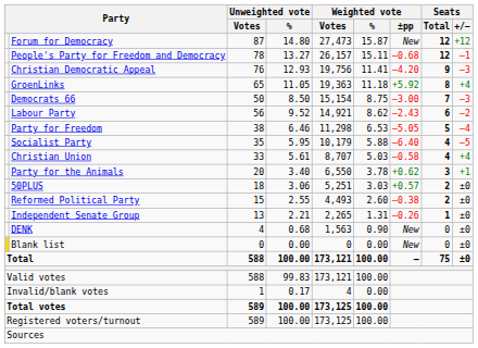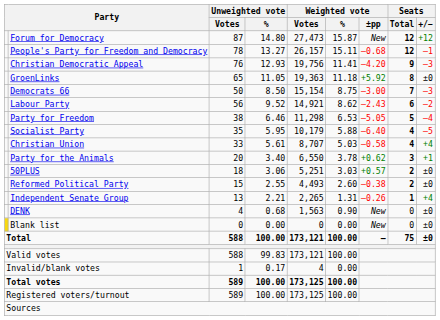 <table class="wikitable" style="text-align:right;">
 <tr>
 <th colspan=2 rowspan=2>Party</th>
 <th colspan=2>Unweighted vote</th>
 <th colspan=3>Weighted vote</th>
 <th colspan=2>Seats</th>
 </tr>
 <tr>
 <th>Votes</th>
 <th>%</th>
 <th>Votes</th>
 <th>%</th>
 <th>±pp</th>
 <th>Total</th>
 <th>+/−</th>
 </tr>
 <tr>
 <td style="color:inherit;background:"></td>
 <td align="left"><a href='#'>Forum for Democracy</a></td>
 <td>87</td>
 <td>14.80</td>
 <td>27,473</td>
 <td>15.87</td>
 <td><em>New</em></td>
 <td><strong>12</strong></td>
 <td style="color:green;">+12</td>
 </tr>
 <tr>
 <td style="color:inherit;background:"></td>
 <td align="left"><a href='#'>People's Party for Freedom and Democracy</a></td>
 <td>78</td>
 <td>13.27</td>
 <td>26,157</td>
 <td>15.11</td>
 <td style="color:red;">–0.68</td>
 <td><strong>12</strong></td>
 <td style="color:red;">–1</td>
 </tr>
 <tr>
 <td style="color:inherit;background:"></td>
 <td align="left"><a href='#'>Christian Democratic Appeal</a></td>
 <td>76</td>
 <td>12.93</td>
 <td>19,756</td>
 <td>11.41</td>
 <td style="color:red;">–4.20</td>
 <td><strong>9</strong></td>
 <td style="color:red;">–3</td>
 </tr>
 <tr>
 <td style="color:inherit;background:"></td>
 <td align="left"><a href='#'>GroenLinks</a></td>
 <td>65</td>
 <td>11.05</td>
 <td>19,363</td>
 <td>11.18</td>
 <td style="color:green;">+5.92</td>
 <td><strong>8</strong></td>
-<td style="color:green;">+4</td>
+<td>±0</td>
 </tr>
 <tr>
 <td style="color:inherit;background:"></td>
 <td align="left"><a href='#'>Democrats 66</a></td>
 <td>50</td>
 <td>8.50</td>
 <td>15,154</td>
 <td>8.75</td>
 <td style="color:red;">–3.00</td>
 <td><strong>7</strong></td>
 <td style="color:red;">–3</td>
 </tr>
 <tr>
 <td style="color:inherit;background:"></td>
 <td align="left"><a href='#'>Labour Party</a></td>
 <td>56</td>
 <td>9.52</td>
 <td>14,921</td>
 <td>8.62</td>
 <td style="color:red;">–2.43</td>
 <td><strong>6</strong></td>
 <td style="color:red;">–2</td>
 </tr>
 <tr>
 <td style="color:inherit;background:"></td>
 <td align="left"><a href='#'>Party for Freedom</a></td>
 <td>38</td>
 <td>6.46</td>
 <td>11,298</td>
 <td>6.53</td>
 <td style="color:red;">–5.05</td>
 <td><strong>5</strong></td>
 <td style="color:red;">–4</td>
 </tr>
 <tr>
 <td style="color:inherit;background:"></td>
 <td align="left"><a href='#'>Socialist Party</a></td>
 <td>35</td>
 <td>5.95</td>
 <td>10,179</td>
 <td>5.88</td>
 <td style="color:red;">–6.40</td>
 <td><strong>4</strong></td>
 <td style="color:red;">–5</td>
 </tr>
 <tr>
 <td style="color:inherit;background:"></td>
 <td align="left"><a href='#'>Christian Union</a></td>
 <td>33</td>
 <td>5.61</td>
 <td>8,707</td>
 <td>5.03</td>
 <td style="color:red;">–0.58</td>
 <td><strong>4</strong></td>
 <td style="color:green;">+4</td>
 </tr>
 <tr>
 <td style="color:inherit;background:"></td>
 <td align="left"><a href='#'>Party for the Animals</a></td>
 <td>20</td>
 <td>3.40</td>
 <td>6,550</td>
 <td>3.78</td>
 <td style="color:green;">+0.62</td>
 <td><strong>3</strong></td>
 <td style="color:green;">+1</td>
 </tr>
 <tr>
 <td style="color:inherit;background:"></td>
 <td align="left"><a href='#'>50PLUS</a></td>
 <td>18</td>
 <td>3.06</td>
 <td>5,251</td>
 <td>3.03</td>
 <td style="color:green;">+0.57</td>
 <td><strong>2</strong></td>
 <td>±0</td>
 </tr>
 <tr>
 <td style="color:inherit;background:"></td>
 <td align="left"><a href='#'>Reformed Political Party</a></td>
 <td>15</td>
 <td>2.55</td>
 <td>4,493</td>
 <td>2.60</td>
 <td style="color:red;">–0.38</td>
 <td><strong>2</strong></td>
 <td>±0</td>
 </tr>
 <tr>
 <td style="color:inherit;background:"></td>
 <td align="left"><a href='#'>Independent Senate Group</a></td>
 <td>13</td>
 <td>2.21</td>
 <td>2,265</td>
 <td>1.31</td>
 <td style="color:red;">–0.26</td>
 <td><strong>1</strong></td>
-<td>±0</td>
+<td style="color:green;">+4</td>
 </tr>
 <tr>
 <td style="color:inherit;background:"></td>
 <td align="left"><a href='#'>DENK</a></td>
 <td>4</td>
 <td>0.68</td>
 <td>1,563</td>
 <td>0.90</td>
 <td><em>New</em></td>
 <td>0</td>
 <td>±0</td>
 </tr>
 <tr>
 <td style="color:inherit;background:#F9D90F"></td>
 <td align="left">Blank list</td>
 <td>0</td>
 <td>0.00</td>
 <td>0</td>
 <td>0.00</td>
 <td><em>New</em></td>
 <td>0</td>
 <td>±0</td>
 </tr>
 <tr style="font-weight:bold;">
 <td align="left" colspan="2">Total</td>
 <td>588</td>
 <td>100.00</td>
 <td>173,121</td>
 <td>100.00</td>
 <td>–</td>
 <td>75</td>
 <td>±0</td>
 </tr>
 <tr>
 <th colspan="9"></th>
 </tr>
 <tr>
 <td align="left" colspan="2">Valid votes</td>
 <td>588</td>
 <td>99.83</td>
 <td>173,121</td>
 <td>100.00</td>
 <td colspan="3"></td>
 </tr>
 <tr>
 <td align="left" colspan="2">Invalid/blank votes</td>
 <td>1</td>
 <td>0.17</td>
 <td>4</td>
 <td>0.00</td>
 <td colspan="3"></td>
 </tr>
 <tr style="font-weight:bold;">
 <td align="left" colspan="2">Total votes</td>
 <td>589</td>
 <td>100.00</td>
 <td>173,125</td>
 <td>100.00</td>
 <td colspan="3"></td>
 </tr>
 <tr>
 <td align="left" colspan="2">Registered voters/turnout</td>
 <td>589</td>
 <td>100.00</td>
 <td>173,125</td>
 <td>100.00</td>
 <td colspan="3"></td>
 </tr>
 <tr>
 <td align="left" colspan="9">Sources</td>
 </tr>
 </table>
